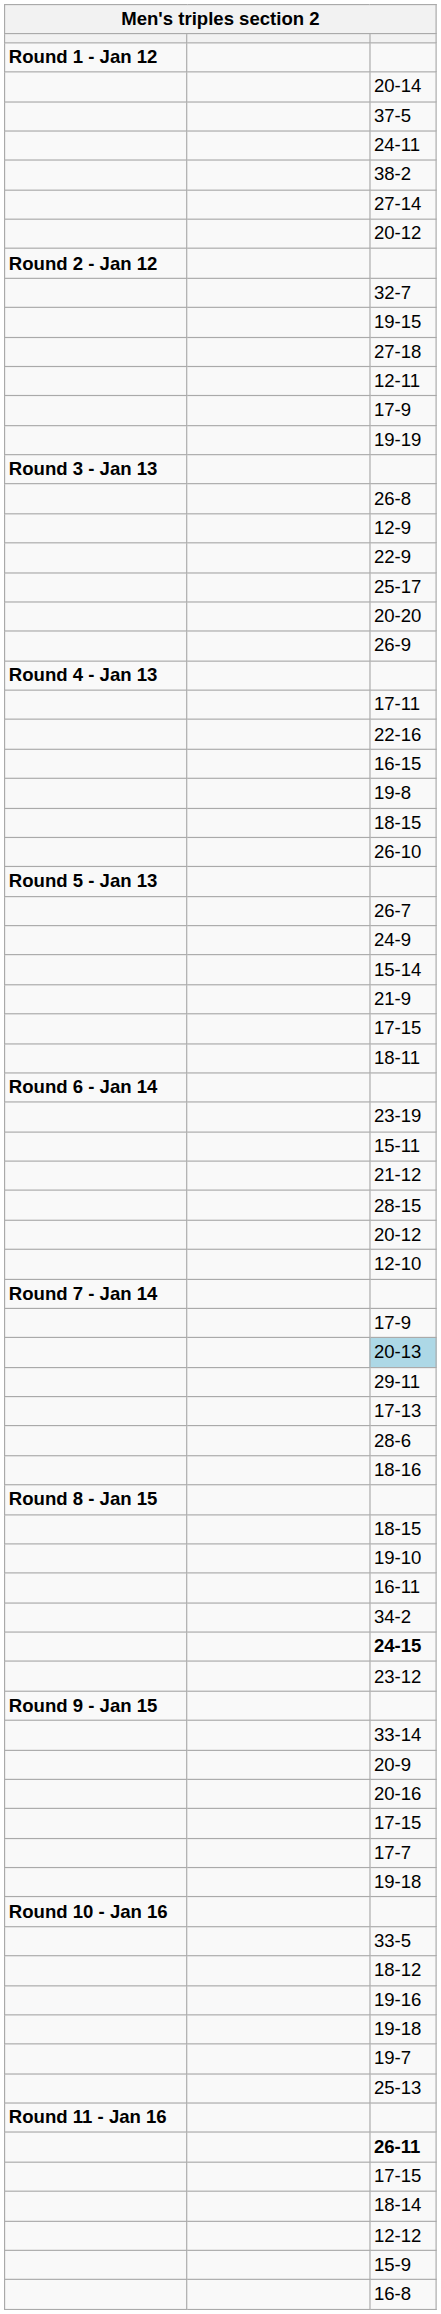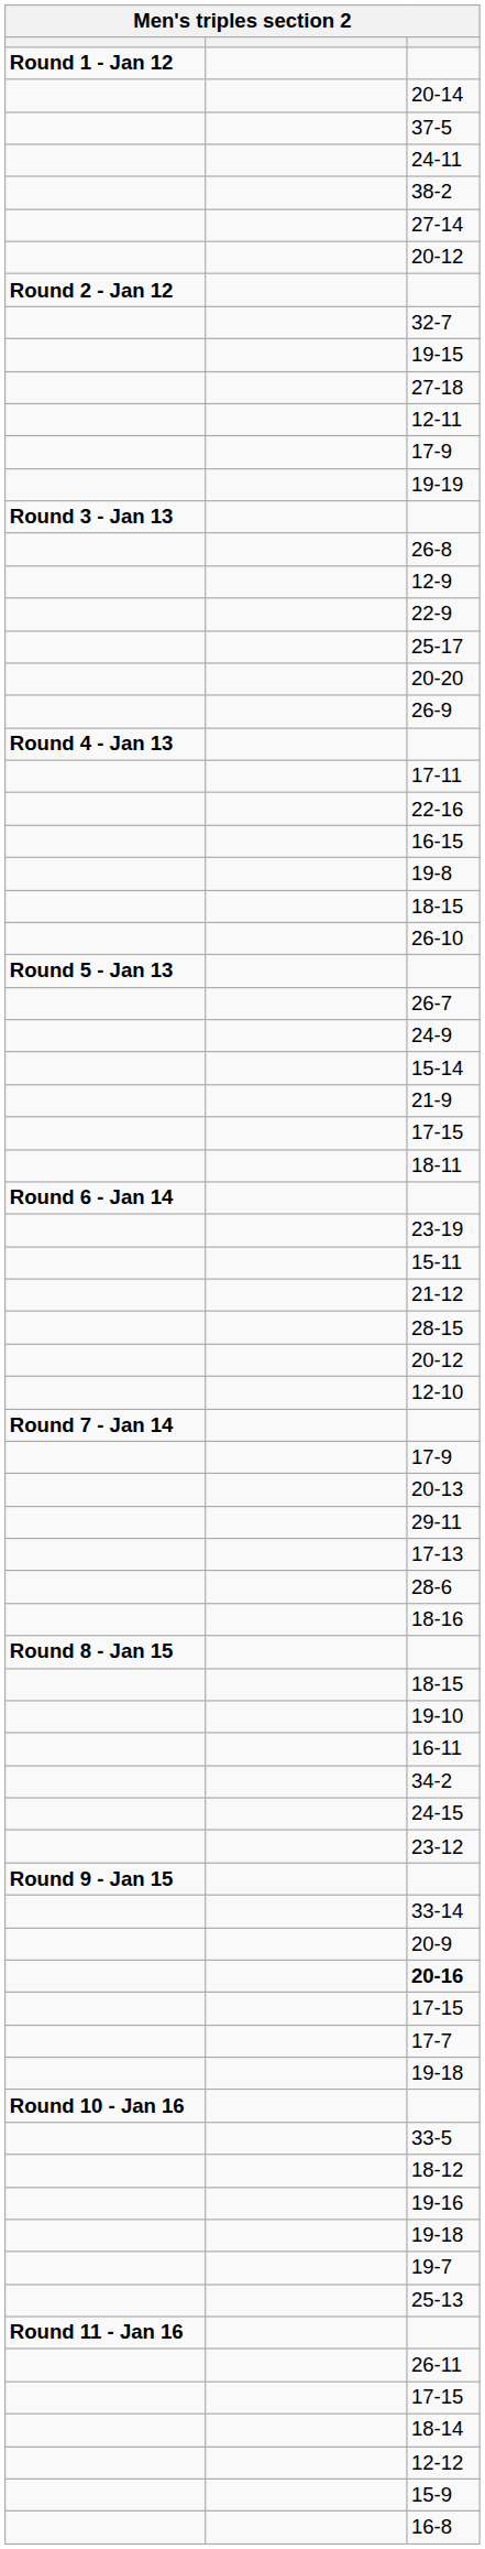 <table class="wikitable">
 <tr>
 <th colspan="3">Men's triples section 2</th>
 </tr>
 <tr>
 <th width=150></th>
 <th width=150></th>
 <th width=50></th>
 </tr>
 <tr>
 <td><strong>Round 1 - Jan 12</strong></td>
 <td></td>
 <td></td>
 </tr>
 <tr>
 <td></td>
 <td></td>
 <td>20-14</td>
 </tr>
 <tr>
 <td></td>
 <td></td>
 <td>37-5</td>
 </tr>
 <tr>
 <td></td>
 <td></td>
 <td>24-11</td>
 </tr>
 <tr>
 <td></td>
 <td></td>
 <td>38-2</td>
 </tr>
 <tr>
 <td></td>
 <td></td>
 <td>27-14</td>
 </tr>
 <tr>
 <td></td>
 <td></td>
 <td>20-12</td>
 </tr>
 <tr>
 <td><strong>Round 2 - Jan 12</strong></td>
 <td></td>
 <td></td>
 </tr>
 <tr>
 <td></td>
 <td></td>
 <td>32-7</td>
 </tr>
 <tr>
 <td></td>
 <td></td>
 <td>19-15</td>
 </tr>
 <tr>
 <td></td>
 <td></td>
 <td>27-18</td>
 </tr>
 <tr>
 <td></td>
 <td></td>
 <td>12-11</td>
 </tr>
 <tr>
 <td></td>
 <td></td>
 <td>17-9</td>
 </tr>
 <tr>
 <td></td>
 <td></td>
 <td>19-19</td>
 </tr>
 <tr>
 <td><strong>Round 3 - Jan 13</strong></td>
 <td></td>
 <td></td>
 </tr>
 <tr>
 <td></td>
 <td></td>
 <td>26-8</td>
 </tr>
 <tr>
 <td></td>
 <td></td>
 <td>12-9</td>
 </tr>
 <tr>
 <td></td>
 <td></td>
 <td>22-9</td>
 </tr>
 <tr>
 <td></td>
 <td></td>
 <td>25-17</td>
 </tr>
 <tr>
 <td></td>
 <td></td>
 <td>20-20</td>
 </tr>
 <tr>
 <td></td>
 <td></td>
 <td>26-9</td>
 </tr>
 <tr>
 <td><strong>Round 4 - Jan 13</strong></td>
 <td></td>
 <td></td>
 </tr>
 <tr>
 <td></td>
 <td></td>
 <td>17-11</td>
 </tr>
 <tr>
 <td></td>
 <td></td>
 <td>22-16</td>
 </tr>
 <tr>
 <td></td>
 <td></td>
 <td>16-15</td>
 </tr>
 <tr>
 <td></td>
 <td></td>
 <td>19-8</td>
 </tr>
 <tr>
 <td></td>
 <td></td>
 <td>18-15</td>
 </tr>
 <tr>
 <td></td>
 <td></td>
 <td>26-10</td>
 </tr>
 <tr>
 <td><strong>Round 5 - Jan 13</strong></td>
 <td></td>
 <td></td>
 </tr>
 <tr>
 <td></td>
 <td></td>
 <td>26-7</td>
 </tr>
 <tr>
 <td></td>
 <td></td>
 <td>24-9</td>
 </tr>
 <tr>
 <td></td>
 <td></td>
 <td>15-14</td>
 </tr>
 <tr>
 <td></td>
 <td></td>
 <td>21-9</td>
 </tr>
 <tr>
 <td></td>
 <td></td>
 <td>17-15</td>
 </tr>
 <tr>
 <td></td>
 <td></td>
 <td>18-11</td>
 </tr>
 <tr>
 <td><strong>Round 6  - Jan 14</strong></td>
 <td></td>
 <td></td>
 </tr>
 <tr>
 <td></td>
 <td></td>
 <td>23-19</td>
 </tr>
 <tr>
 <td></td>
 <td></td>
 <td>15-11</td>
 </tr>
 <tr>
 <td></td>
 <td></td>
 <td>21-12</td>
 </tr>
 <tr>
 <td></td>
 <td></td>
 <td>28-15</td>
 </tr>
 <tr>
 <td></td>
 <td></td>
 <td>20-12</td>
 </tr>
 <tr>
 <td></td>
 <td></td>
 <td>12-10</td>
 </tr>
 <tr>
 <td><strong>Round 7 - Jan 14</strong></td>
 <td></td>
 <td></td>
 </tr>
 <tr>
 <td></td>
 <td></td>
 <td>17-9</td>
 </tr>
 <tr>
 <td></td>
 <td></td>
-<td style="background: lightblue;">20-13</td>
+<td>20-13</td>
 </tr>
 <tr>
 <td></td>
 <td></td>
 <td>29-11</td>
 </tr>
 <tr>
 <td></td>
 <td></td>
 <td>17-13</td>
 </tr>
 <tr>
 <td></td>
 <td></td>
 <td>28-6</td>
 </tr>
 <tr>
 <td></td>
 <td></td>
 <td>18-16</td>
 </tr>
 <tr>
 <td><strong>Round 8 - Jan 15</strong></td>
 <td></td>
 <td></td>
 </tr>
 <tr>
 <td></td>
 <td></td>
 <td>18-15</td>
 </tr>
 <tr>
 <td></td>
 <td></td>
 <td>19-10</td>
 </tr>
 <tr>
 <td></td>
 <td></td>
 <td>16-11</td>
 </tr>
 <tr>
 <td></td>
 <td></td>
 <td>34-2</td>
 </tr>
 <tr>
 <td></td>
 <td></td>
-<td><strong>24-15</strong></td>
+<td>24-15</td>
 </tr>
 <tr>
 <td></td>
 <td></td>
 <td>23-12</td>
 </tr>
 <tr>
 <td><strong>Round 9 - Jan 15</strong></td>
 <td></td>
 <td></td>
 </tr>
 <tr>
 <td></td>
 <td></td>
 <td>33-14</td>
 </tr>
 <tr>
 <td></td>
 <td></td>
 <td>20-9</td>
 </tr>
 <tr>
 <td></td>
 <td></td>
-<td>20-16</td>
+<td><strong>20-16</strong></td>
 </tr>
 <tr>
 <td></td>
 <td></td>
 <td>17-15</td>
 </tr>
 <tr>
 <td></td>
 <td></td>
 <td>17-7</td>
 </tr>
 <tr>
 <td></td>
 <td></td>
 <td>19-18</td>
 </tr>
 <tr>
 <td><strong>Round 10 - Jan 16</strong></td>
 <td></td>
 <td></td>
 </tr>
 <tr>
 <td></td>
 <td></td>
 <td>33-5</td>
 </tr>
 <tr>
 <td></td>
 <td></td>
 <td>18-12</td>
 </tr>
 <tr>
 <td></td>
 <td></td>
 <td>19-16</td>
 </tr>
 <tr>
 <td></td>
 <td></td>
 <td>19-18</td>
 </tr>
 <tr>
 <td></td>
 <td></td>
 <td>19-7</td>
 </tr>
 <tr>
 <td></td>
 <td></td>
 <td>25-13</td>
 </tr>
 <tr>
 <td><strong>Round 11 - Jan 16</strong></td>
 <td></td>
 <td></td>
 </tr>
 <tr>
 <td></td>
 <td></td>
-<td><strong>26-11</strong></td>
+<td>26-11</td>
 </tr>
 <tr>
 <td></td>
 <td></td>
 <td>17-15</td>
 </tr>
 <tr>
 <td></td>
 <td></td>
 <td>18-14</td>
 </tr>
 <tr>
 <td></td>
 <td></td>
 <td>12-12</td>
 </tr>
 <tr>
 <td></td>
 <td></td>
 <td>15-9</td>
 </tr>
 <tr>
 <td></td>
 <td></td>
 <td>16-8</td>
 </tr>
 </table>
